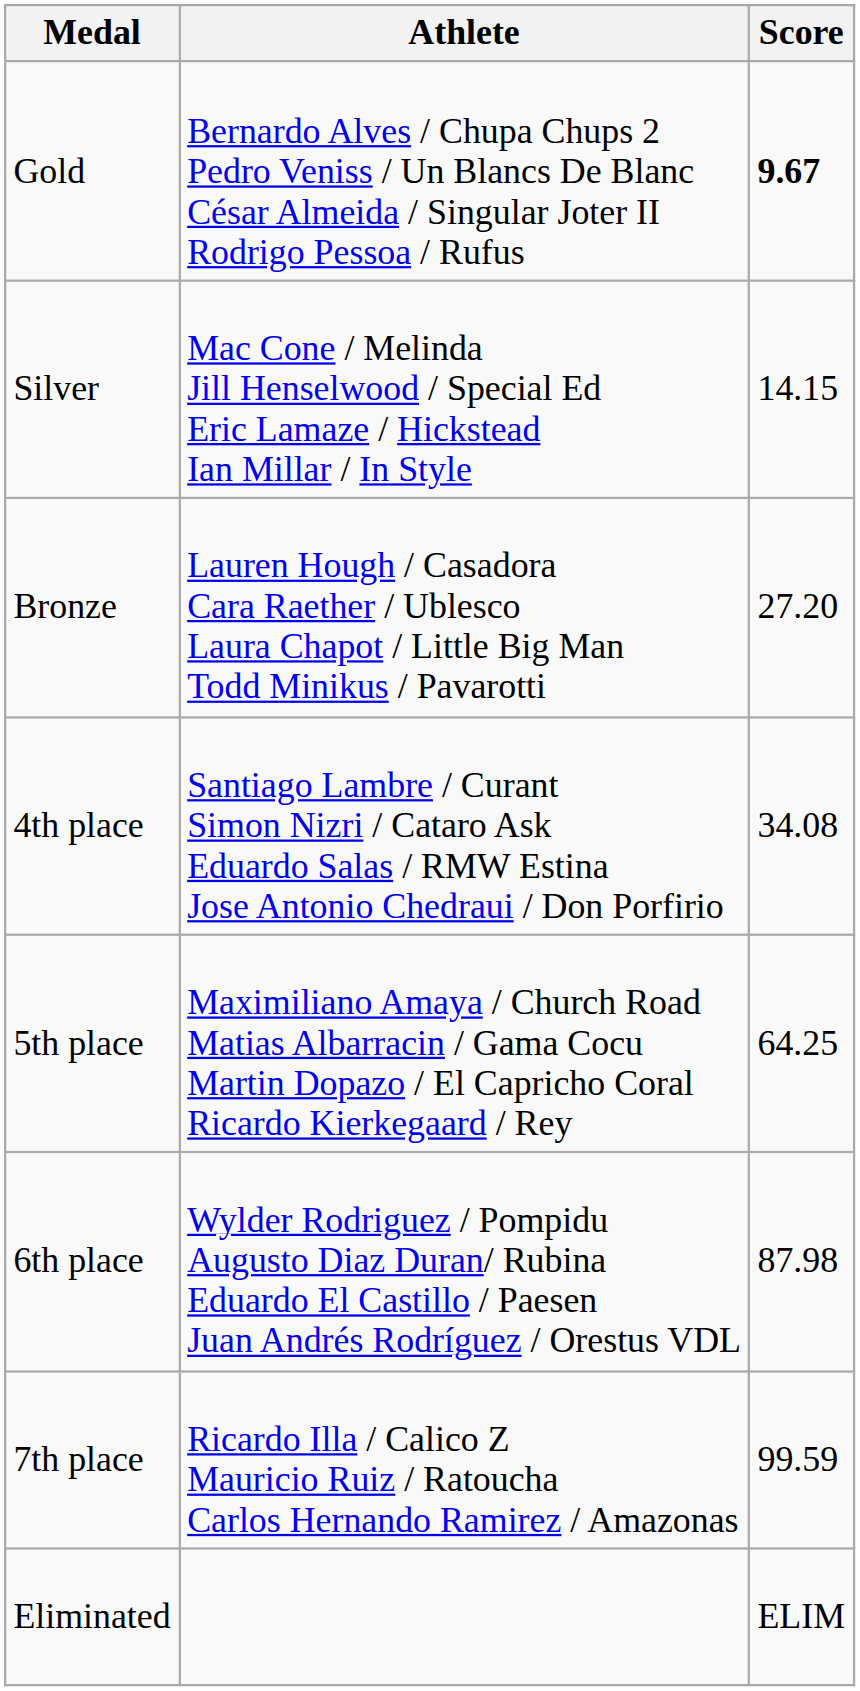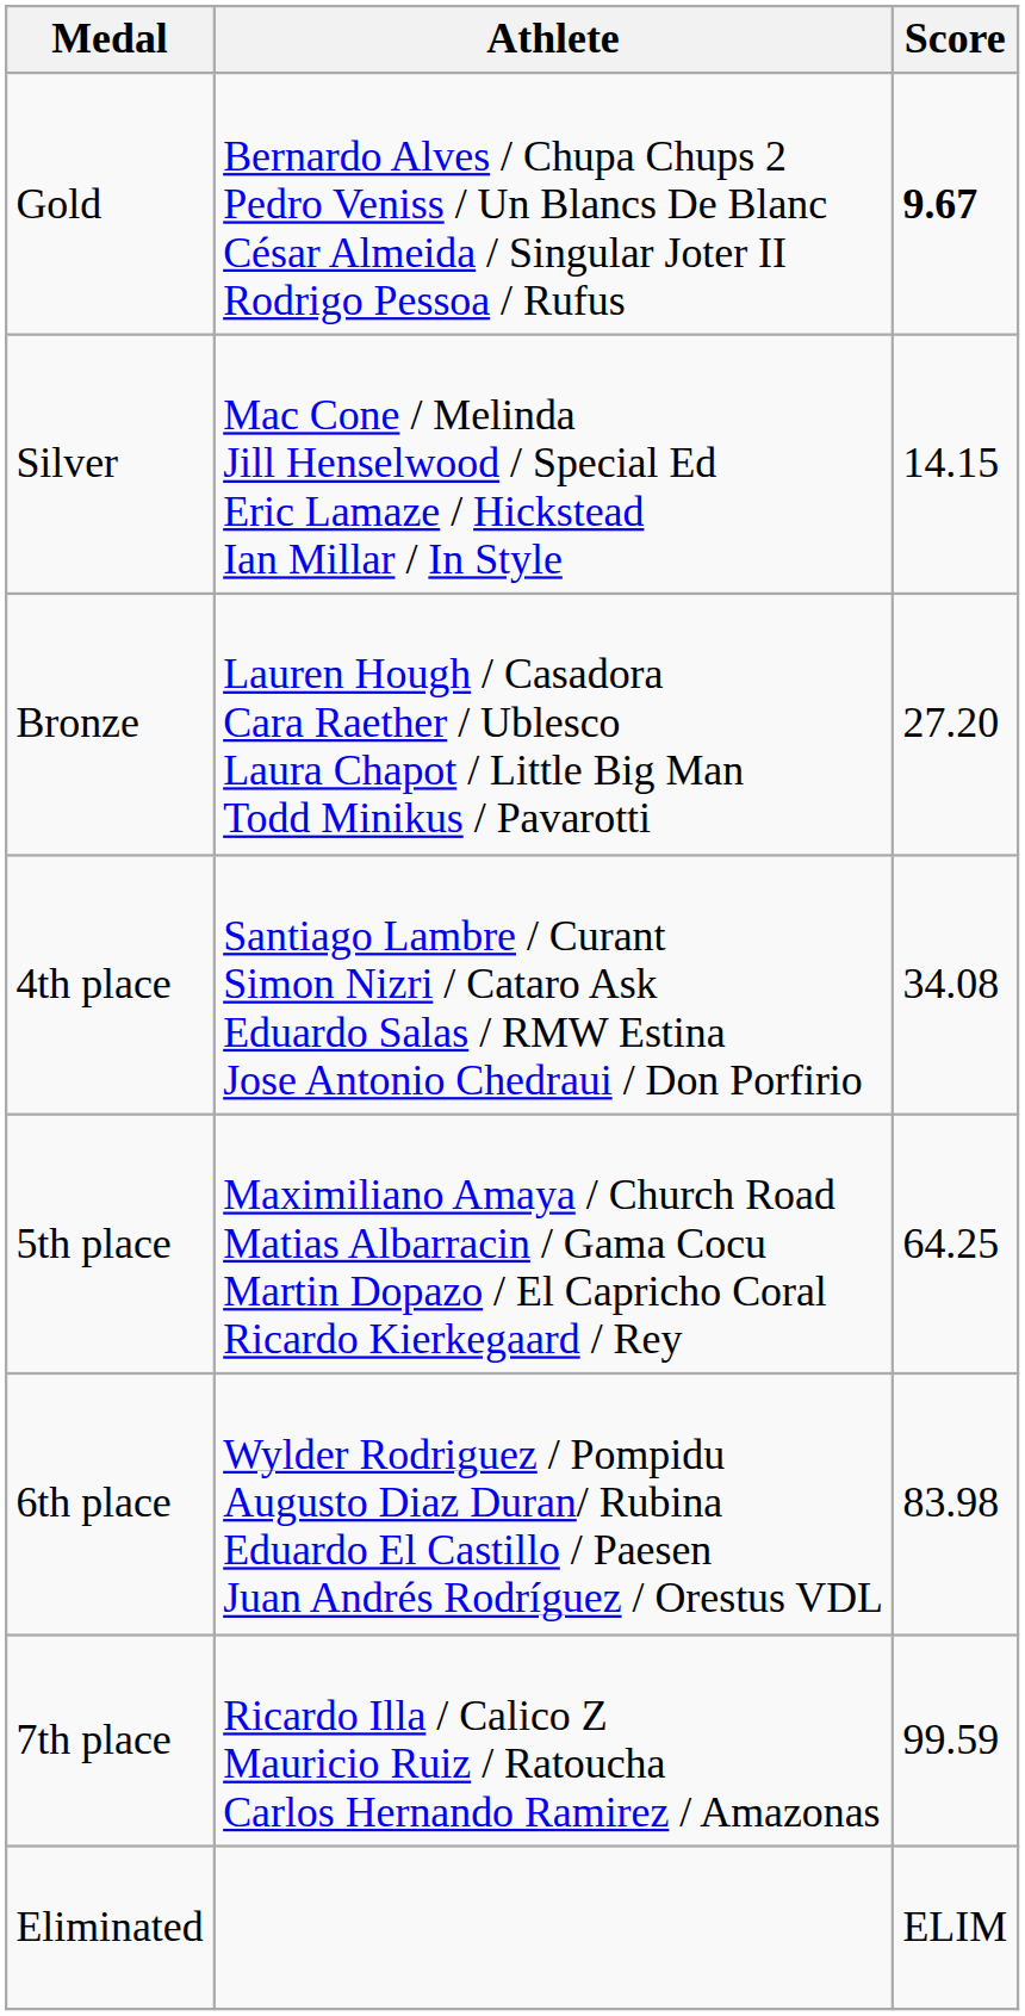 <table class="wikitable">
 <tr>
 <th>Medal</th>
 <th>Athlete</th>
 <th>Score</th>
 </tr>
 <tr>
 <td>Gold</td>
 <td><br><a href='#'>Bernardo Alves</a> / Chupa Chups 2<br> <a href='#'>Pedro Veniss</a> / Un Blancs De Blanc<br> <a href='#'>César Almeida</a> / Singular Joter II<br> <a href='#'>Rodrigo Pessoa</a> / Rufus</td>
 <td><strong>9.67</strong></td>
 </tr>
 <tr>
 <td>Silver</td>
 <td><br><a href='#'>Mac Cone</a> / Melinda<br> <a href='#'>Jill Henselwood</a> / Special Ed<br> <a href='#'>Eric Lamaze</a> / <a href='#'>Hickstead</a><br> <a href='#'>Ian Millar</a> / <a href='#'>In Style</a></td>
 <td>14.15</td>
 </tr>
 <tr>
 <td>Bronze</td>
 <td><br><a href='#'>Lauren Hough</a> / Casadora<br> <a href='#'>Cara Raether</a> / Ublesco<br> <a href='#'>Laura Chapot</a> / Little Big Man<br> <a href='#'>Todd Minikus</a> / Pavarotti</td>
 <td>27.20</td>
 </tr>
 <tr>
 <td>4th place</td>
 <td><br><a href='#'>Santiago Lambre</a> / Curant<br> <a href='#'>Simon Nizri</a> / Cataro Ask<br> <a href='#'>Eduardo Salas</a> / RMW Estina<br> <a href='#'>Jose Antonio Chedraui</a> / Don Porfirio</td>
 <td>34.08</td>
 </tr>
 <tr>
 <td>5th place</td>
 <td><br><a href='#'>Maximiliano Amaya</a> / Church Road<br> <a href='#'>Matias Albarracin</a> / Gama Cocu<br> <a href='#'>Martin Dopazo</a> / El Capricho Coral<br> <a href='#'>Ricardo Kierkegaard</a> / Rey</td>
 <td>64.25</td>
 </tr>
 <tr>
 <td>6th place</td>
 <td><br><a href='#'>Wylder Rodriguez</a> / Pompidu<br> <a href='#'>Augusto Diaz Duran</a>/ Rubina<br> <a href='#'>Eduardo El Castillo</a> / Paesen<br> <a href='#'>Juan Andrés Rodríguez</a> / Orestus VDL</td>
-<td>87.98</td>
+<td>83.98</td>
 </tr>
 <tr>
 <td>7th place</td>
 <td><br><a href='#'>Ricardo Illa</a> / Calico Z<br> <a href='#'>Mauricio Ruiz</a> / Ratoucha<br> <a href='#'>Carlos Hernando Ramirez</a> / Amazonas</td>
 <td>99.59</td>
 </tr>
 <tr>
 <td>Eliminated</td>
 <td><br><br><br> </td>
 <td>ELIM</td>
 </tr>
 </table>
